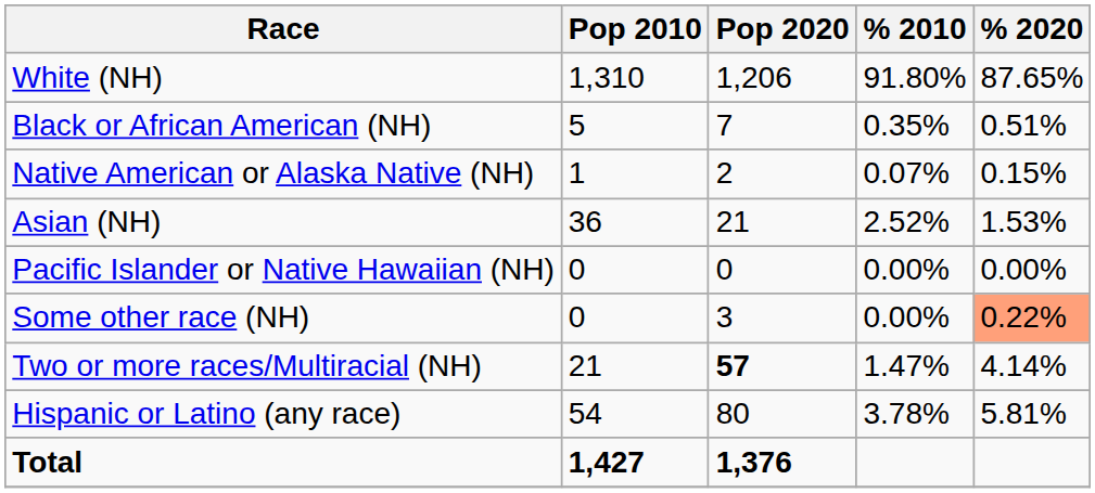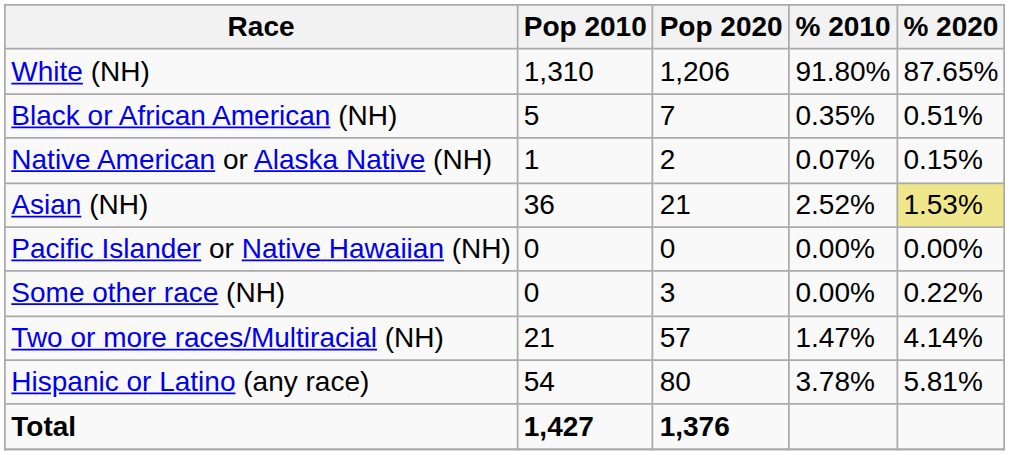 <table class="wikitable">
 <tr>
 <th>Race</th>
 <th>Pop 2010</th>
 <th>Pop 2020</th>
 <th>% 2010</th>
 <th>% 2020</th>
 </tr>
 <tr>
 <td><a href='#'>White</a> (NH)</td>
 <td>1,310</td>
 <td>1,206</td>
 <td>91.80%</td>
 <td>87.65%</td>
 </tr>
 <tr>
 <td><a href='#'>Black or African American</a> (NH)</td>
 <td>5</td>
 <td>7</td>
 <td>0.35%</td>
 <td>0.51%</td>
 </tr>
 <tr>
 <td><a href='#'>Native American</a> or <a href='#'>Alaska Native</a> (NH)</td>
 <td>1</td>
 <td>2</td>
 <td>0.07%</td>
 <td>0.15%</td>
 </tr>
 <tr>
 <td><a href='#'>Asian</a> (NH)</td>
 <td>36</td>
 <td>21</td>
 <td>2.52%</td>
-<td>1.53%</td>
+<td style="background: khaki;">1.53%</td>
 </tr>
 <tr>
 <td><a href='#'>Pacific Islander</a> or <a href='#'>Native Hawaiian</a> (NH)</td>
 <td>0</td>
 <td>0</td>
 <td>0.00%</td>
 <td>0.00%</td>
 </tr>
 <tr>
 <td><a href='#'>Some other race</a> (NH)</td>
 <td>0</td>
 <td>3</td>
 <td>0.00%</td>
-<td style="background: lightsalmon;">0.22%</td>
+<td>0.22%</td>
 </tr>
 <tr>
 <td><a href='#'>Two or more races/Multiracial</a> (NH)</td>
 <td>21</td>
-<td><strong>57</strong></td>
+<td>57</td>
 <td>1.47%</td>
 <td>4.14%</td>
 </tr>
 <tr>
 <td><a href='#'>Hispanic or Latino</a> (any race)</td>
 <td>54</td>
 <td>80</td>
 <td>3.78%</td>
 <td>5.81%</td>
 </tr>
 <tr>
 <td><strong>Total</strong></td>
 <td><strong>1,427</strong></td>
 <td><strong>1,376</strong></td>
 <td></td>
 <td></td>
 </tr>
 <tr>
 </tr>
 </table>
